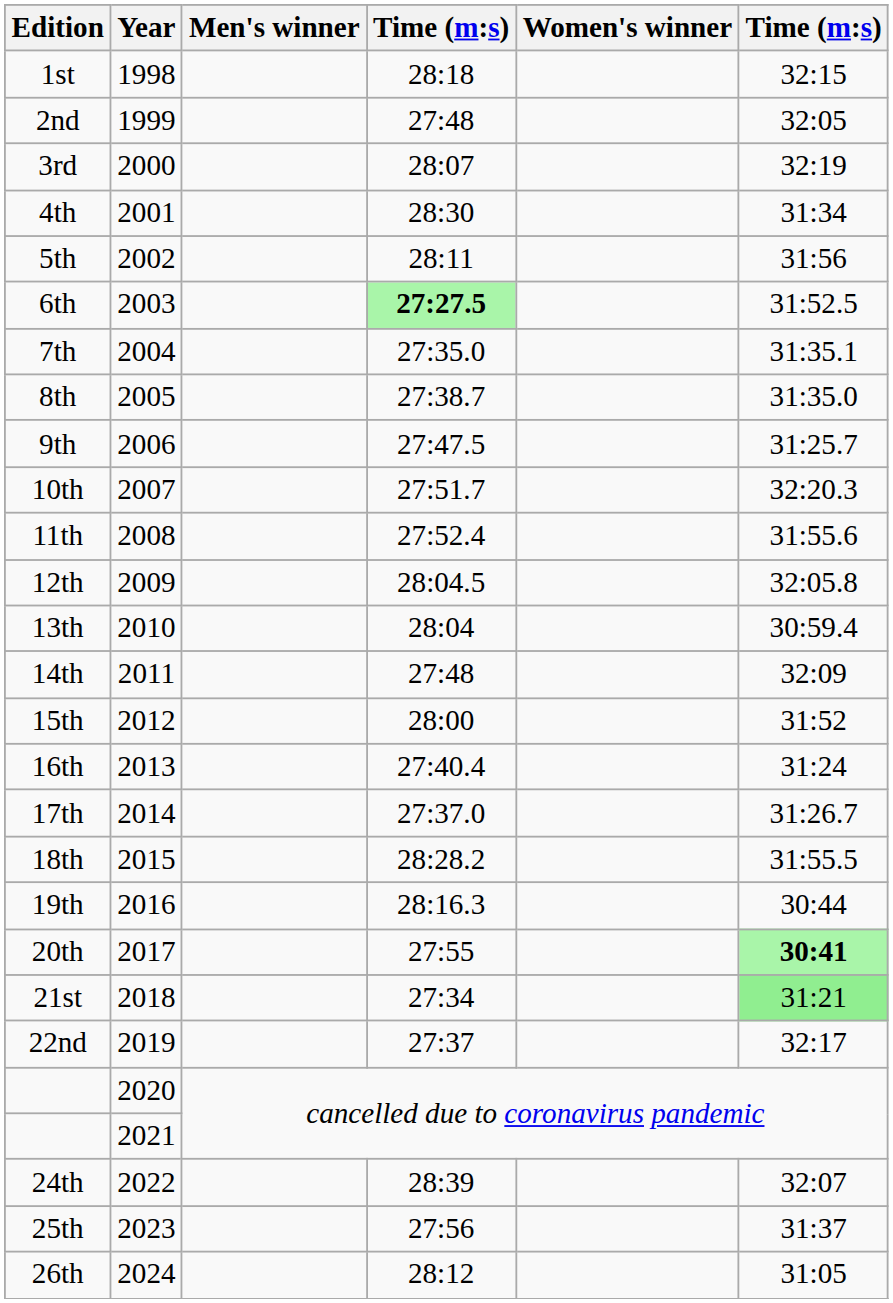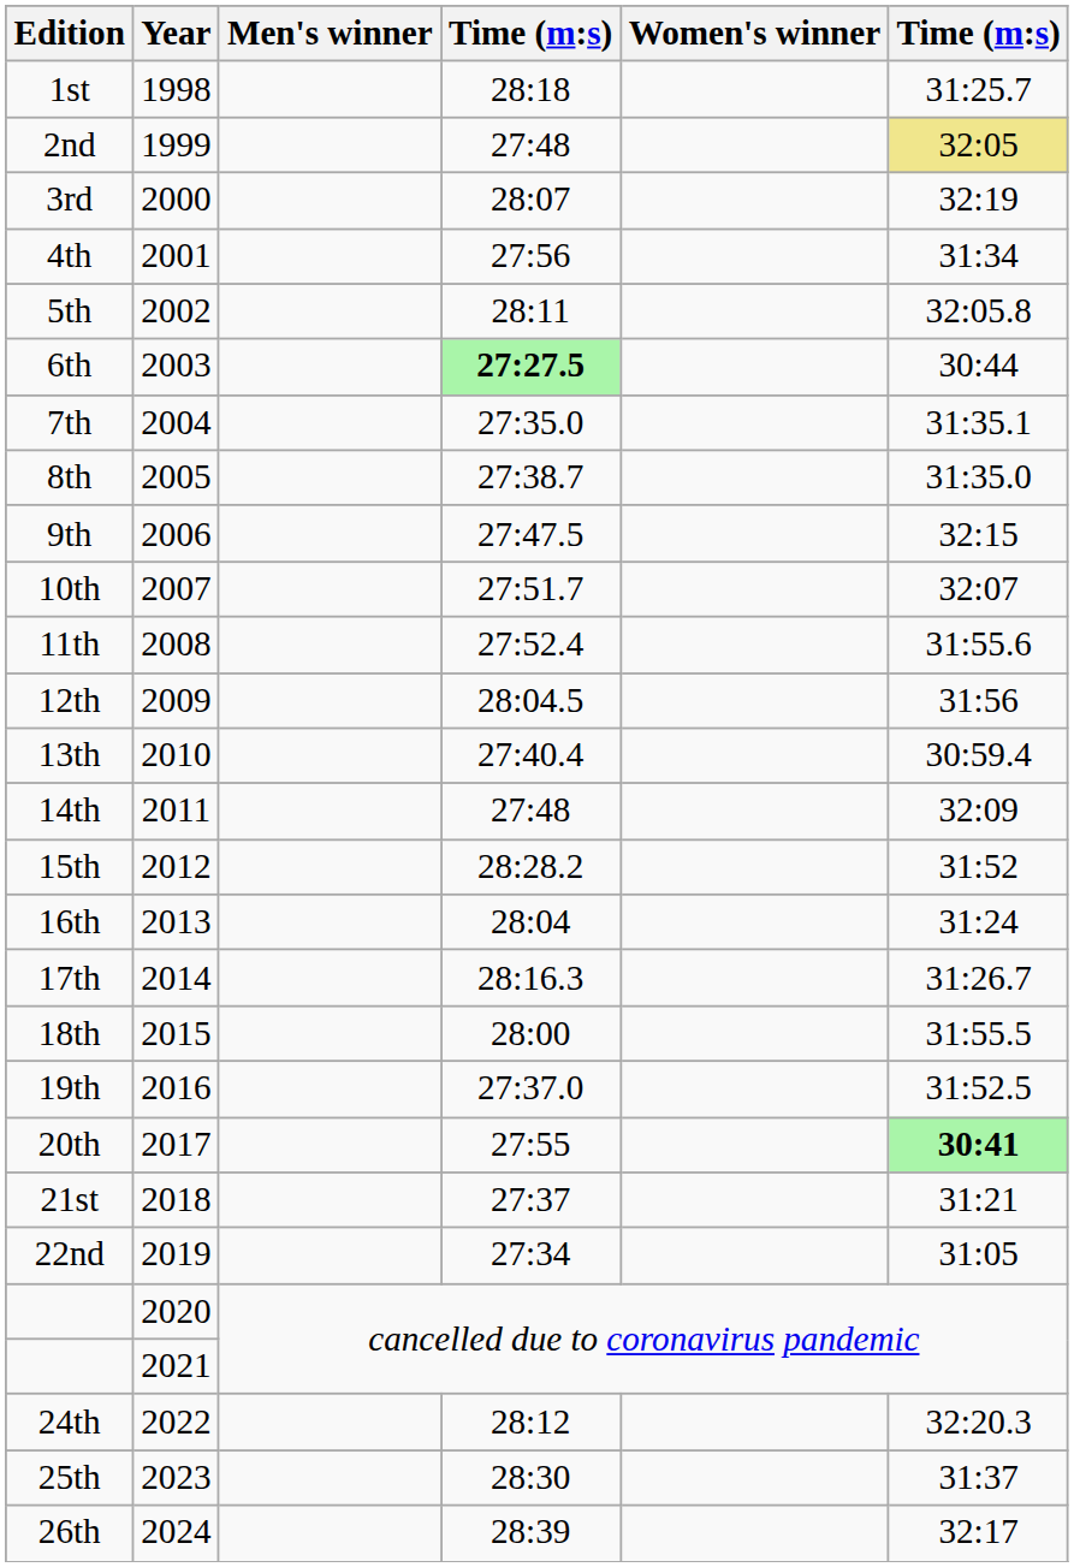 <table class="wikitable sortable" style="text-align:center">
 <tr>
 <th class=unsortable>Edition</th>
 <th>Year</th>
 <th class=unsortable>Men's winner</th>
 <th>Time (<a href='#'>m</a>:<a href='#'>s</a>)</th>
 <th class=unsortable>Women's winner</th>
 <th>Time (<a href='#'>m</a>:<a href='#'>s</a>)</th>
 </tr>
 <tr>
 <td>1st</td>
 <td>1998</td>
 <td align=left></td>
 <td>28:18</td>
 <td align=left></td>
-<td>32:15</td>
+<td>31:25.7</td>
 </tr>
 <tr>
 <td>2nd</td>
 <td>1999</td>
 <td align=left></td>
 <td>27:48</td>
 <td align=left></td>
-<td>32:05</td>
+<td style="background: khaki;">32:05</td>
 </tr>
 <tr>
 <td>3rd</td>
 <td>2000</td>
 <td align=left></td>
 <td>28:07</td>
 <td align=left></td>
 <td>32:19</td>
 </tr>
 <tr>
 <td>4th</td>
 <td>2001</td>
 <td align=left></td>
-<td>28:30</td>
+<td>27:56</td>
 <td align=left></td>
 <td>31:34</td>
 </tr>
 <tr>
 <td>5th</td>
 <td>2002</td>
 <td align=left></td>
 <td>28:11</td>
 <td align=left></td>
-<td>31:56</td>
+<td>32:05.8</td>
 </tr>
 <tr>
 <td>6th</td>
 <td>2003</td>
 <td align=left></td>
 <td bgcolor=#A9F5A9><strong>27:27.5</strong></td>
 <td align=left></td>
-<td>31:52.5</td>
+<td>30:44</td>
 </tr>
 <tr>
 <td>7th</td>
 <td>2004</td>
 <td align=left></td>
 <td>27:35.0</td>
 <td align=left></td>
 <td>31:35.1</td>
 </tr>
 <tr>
 <td>8th</td>
 <td>2005</td>
 <td align=left></td>
 <td>27:38.7</td>
 <td align=left></td>
 <td>31:35.0</td>
 </tr>
 <tr>
 <td>9th</td>
 <td>2006</td>
 <td align=left></td>
 <td>27:47.5</td>
 <td align=left></td>
-<td>31:25.7</td>
+<td>32:15</td>
 </tr>
 <tr>
 <td>10th</td>
 <td>2007</td>
 <td align=left></td>
 <td>27:51.7</td>
 <td align=left></td>
-<td>32:20.3</td>
+<td>32:07</td>
 </tr>
 <tr>
 <td>11th</td>
 <td>2008</td>
 <td align=left></td>
 <td>27:52.4</td>
 <td align=left></td>
 <td>31:55.6</td>
 </tr>
 <tr>
 <td>12th</td>
 <td>2009</td>
 <td align=left></td>
 <td>28:04.5</td>
 <td align=left></td>
-<td>32:05.8</td>
+<td>31:56</td>
 </tr>
 <tr>
 <td>13th</td>
 <td>2010</td>
 <td align=left></td>
-<td>28:04</td>
+<td>27:40.4</td>
 <td align=left></td>
 <td>30:59.4</td>
 </tr>
 <tr>
 <td>14th</td>
 <td>2011</td>
 <td align=left></td>
 <td>27:48</td>
 <td align=left></td>
 <td>32:09</td>
 </tr>
 <tr>
 <td>15th</td>
 <td>2012</td>
 <td align=left></td>
-<td>28:00</td>
+<td>28:28.2</td>
 <td align=left></td>
 <td>31:52</td>
 </tr>
 <tr>
 <td>16th</td>
 <td>2013</td>
 <td align=left></td>
-<td>27:40.4</td>
+<td>28:04</td>
 <td align=left></td>
 <td>31:24</td>
 </tr>
 <tr>
 <td>17th</td>
 <td>2014</td>
 <td align=left></td>
-<td>27:37.0</td>
+<td>28:16.3</td>
 <td align=left></td>
 <td>31:26.7</td>
 </tr>
 <tr>
 <td>18th</td>
 <td>2015</td>
 <td align=left></td>
-<td>28:28.2</td>
+<td>28:00</td>
 <td align=left></td>
 <td>31:55.5</td>
 </tr>
 <tr>
 <td>19th</td>
 <td>2016</td>
 <td align=left></td>
-<td>28:16.3</td>
+<td>27:37.0</td>
 <td align=left></td>
-<td>30:44</td>
+<td>31:52.5</td>
 </tr>
 <tr>
 <td>20th</td>
 <td>2017</td>
 <td align=left></td>
 <td>27:55</td>
 <td align=left></td>
 <td bgcolor=#A9F5A9><strong>30:41</strong></td>
 </tr>
 <tr>
 <td>21st</td>
 <td>2018</td>
 <td align=left></td>
-<td>27:34</td>
+<td>27:37</td>
 <td align=left></td>
-<td style="background: lightgreen;">31:21</td>
+<td>31:21</td>
 </tr>
 <tr>
 <td>22nd</td>
 <td>2019</td>
 <td align="left"></td>
-<td>27:37</td>
+<td>27:34</td>
 <td align="left"></td>
-<td>32:17</td>
+<td>31:05</td>
 </tr>
 <tr>
 <td></td>
 <td>2020</td>
 <td colspan="4" rowspan="2" align="center"><em>cancelled due to <a href='#'>coronavirus</a> <a href='#'>pandemic</a></em></td>
 </tr>
 <tr>
 <td></td>
 <td>2021</td>
 </tr>
 <tr>
 <td>24th</td>
 <td>2022</td>
 <td align="left"></td>
-<td>28:39</td>
+<td>28:12</td>
 <td align="left"></td>
-<td>32:07</td>
+<td>32:20.3</td>
 </tr>
 <tr>
 <td>25th</td>
 <td>2023</td>
 <td align="left"></td>
-<td>27:56</td>
+<td>28:30</td>
 <td align="left"></td>
 <td>31:37</td>
 </tr>
 <tr>
 <td>26th</td>
 <td>2024</td>
 <td align="left"></td>
-<td>28:12</td>
+<td>28:39</td>
 <td align="left"></td>
-<td>31:05</td>
+<td>32:17</td>
 </tr>
 <tr>
 </tr>
 </table>
